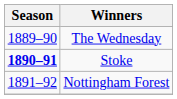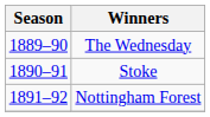 <table class="wikitable" style="text-align: center">
 <tr>
 <th>Season</th>
 <th>Winners</th>
 </tr>
 <tr>
 <td><a href='#'>1889–90</a></td>
 <td><a href='#'>The Wednesday</a></td>
 </tr>
 <tr>
-<td><strong><a href='#'>1890–91</a></strong></td>
+<td><a href='#'>1890–91</a></td>
 <td><a href='#'>Stoke</a></td>
 </tr>
 <tr>
 <td><a href='#'>1891–92</a></td>
 <td><a href='#'>Nottingham Forest</a></td>
 </tr>
 <tr>
 </tr>
 </table>
